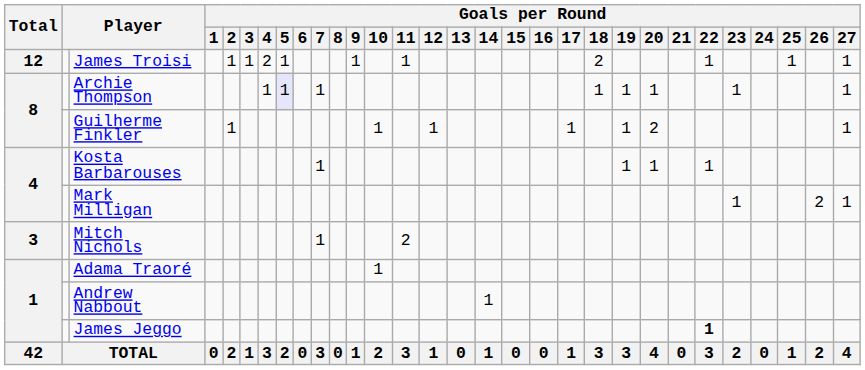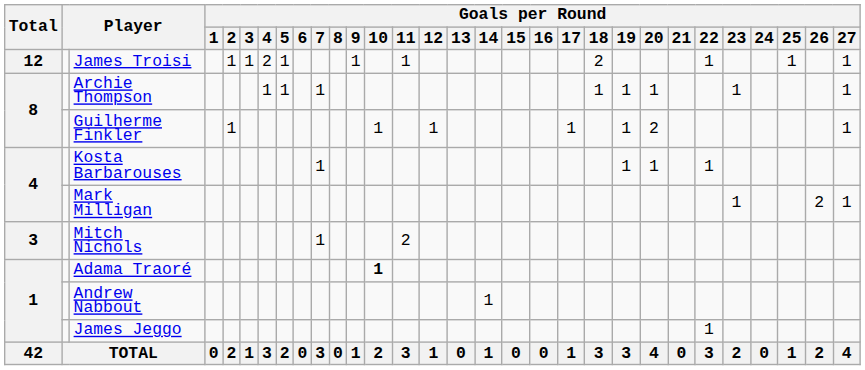 <table class="wikitable" style="text-align:center; line-height: 90%; font-size:90%;">
 <tr>
 <th rowspan="2">Total</th>
 <th rowspan="2" colspan="2">Player</th>
 <th colspan="27">Goals per Round</th>
 </tr>
 <tr>
 <th>1</th>
 <th>2</th>
 <th>3</th>
 <th>4</th>
 <th>5</th>
 <th>6</th>
 <th>7</th>
 <th>8</th>
 <th>9</th>
 <th>10</th>
 <th>11</th>
 <th>12</th>
 <th>13</th>
 <th>14</th>
 <th>15</th>
 <th>16</th>
 <th>17</th>
 <th>18</th>
 <th>19</th>
 <th>20</th>
 <th>21</th>
 <th>22</th>
 <th>23</th>
 <th>24</th>
 <th>25</th>
 <th>26</th>
 <th>27</th>
 </tr>
 <tr>
 <th rowspan="1">12</th>
 <td></td>
 <td style="text-align:left;"><a href='#'>James Troisi</a></td>
 <td></td>
 <td>1</td>
 <td>1</td>
 <td>2</td>
 <td>1</td>
 <td></td>
 <td></td>
 <td></td>
 <td>1</td>
 <td></td>
 <td>1</td>
 <td></td>
 <td></td>
 <td></td>
 <td></td>
 <td></td>
 <td></td>
 <td>2</td>
 <td></td>
 <td></td>
 <td></td>
 <td>1</td>
 <td></td>
 <td></td>
 <td>1</td>
 <td></td>
 <td>1</td>
 </tr>
 <tr>
 <th rowspan="2">8</th>
 <td></td>
 <td style="text-align:left;"><a href='#'>Archie Thompson</a></td>
 <td></td>
 <td></td>
 <td></td>
 <td>1</td>
-<td style="background: lavender;">1</td>
+<td>1</td>
 <td></td>
 <td>1</td>
 <td></td>
 <td></td>
 <td></td>
 <td></td>
 <td></td>
 <td></td>
 <td></td>
 <td></td>
 <td></td>
 <td></td>
 <td>1</td>
 <td>1</td>
 <td>1</td>
 <td></td>
 <td></td>
 <td>1</td>
 <td></td>
 <td></td>
 <td></td>
 <td>1</td>
 </tr>
 <tr>
 <td></td>
 <td style="text-align:left;"><a href='#'>Guilherme Finkler</a></td>
 <td></td>
 <td>1</td>
 <td></td>
 <td></td>
 <td></td>
 <td></td>
 <td></td>
 <td></td>
 <td></td>
 <td>1</td>
 <td></td>
 <td>1</td>
 <td></td>
 <td></td>
 <td></td>
 <td></td>
 <td>1</td>
 <td></td>
 <td>1</td>
 <td>2</td>
 <td></td>
 <td></td>
 <td></td>
 <td></td>
 <td></td>
 <td></td>
 <td>1</td>
 </tr>
 <tr>
 <th rowspan="2">4</th>
 <td></td>
 <td style="text-align:left;"><a href='#'>Kosta Barbarouses</a></td>
 <td></td>
 <td></td>
 <td></td>
 <td></td>
 <td></td>
 <td></td>
 <td>1</td>
 <td></td>
 <td></td>
 <td></td>
 <td></td>
 <td></td>
 <td></td>
 <td></td>
 <td></td>
 <td></td>
 <td></td>
 <td></td>
 <td>1</td>
 <td>1</td>
 <td></td>
 <td>1</td>
 <td></td>
 <td></td>
 <td></td>
 <td></td>
 <td></td>
 </tr>
 <tr>
 <td></td>
 <td style="text-align:left;"><a href='#'>Mark Milligan</a></td>
 <td></td>
 <td></td>
 <td></td>
 <td></td>
 <td></td>
 <td></td>
 <td></td>
 <td></td>
 <td></td>
 <td></td>
 <td></td>
 <td></td>
 <td></td>
 <td></td>
 <td></td>
 <td></td>
 <td></td>
 <td></td>
 <td></td>
 <td></td>
 <td></td>
 <td></td>
 <td>1</td>
 <td></td>
 <td></td>
 <td>2</td>
 <td>1</td>
 </tr>
 <tr>
 <th rowspan="1">3</th>
 <td></td>
 <td style="text-align:left;"><a href='#'>Mitch Nichols</a></td>
 <td></td>
 <td></td>
 <td></td>
 <td></td>
 <td></td>
 <td></td>
 <td>1</td>
 <td></td>
 <td></td>
 <td></td>
 <td>2</td>
 <td></td>
 <td></td>
 <td></td>
 <td></td>
 <td></td>
 <td></td>
 <td></td>
 <td></td>
 <td></td>
 <td></td>
 <td></td>
 <td></td>
 <td></td>
 <td></td>
 <td></td>
 <td></td>
 </tr>
 <tr>
 <th rowspan="3">1</th>
 <td></td>
 <td style="text-align:left;"><a href='#'>Adama Traoré</a></td>
 <td></td>
 <td></td>
 <td></td>
 <td></td>
 <td></td>
 <td></td>
 <td></td>
 <td></td>
 <td></td>
-<td>1</td>
+<td><strong>1</strong></td>
 <td></td>
 <td></td>
 <td></td>
 <td></td>
 <td></td>
 <td></td>
 <td></td>
 <td></td>
 <td></td>
 <td></td>
 <td></td>
 <td></td>
 <td></td>
 <td></td>
 <td></td>
 <td></td>
 <td></td>
 </tr>
 <tr>
 <td></td>
 <td style="text-align:left;"><a href='#'>Andrew Nabbout</a></td>
 <td></td>
 <td></td>
 <td></td>
 <td></td>
 <td></td>
 <td></td>
 <td></td>
 <td></td>
 <td></td>
 <td></td>
 <td></td>
 <td></td>
 <td></td>
 <td>1</td>
 <td></td>
 <td></td>
 <td></td>
 <td></td>
 <td></td>
 <td></td>
 <td></td>
 <td></td>
 <td></td>
 <td></td>
 <td></td>
 <td></td>
 <td></td>
 </tr>
 <tr>
 <td></td>
 <td style="text-align:left;"><a href='#'>James Jeggo</a></td>
 <td></td>
 <td></td>
 <td></td>
 <td></td>
 <td></td>
 <td></td>
 <td></td>
 <td></td>
 <td></td>
 <td></td>
 <td></td>
 <td></td>
 <td></td>
 <td></td>
 <td></td>
 <td></td>
 <td></td>
 <td></td>
 <td></td>
 <td></td>
 <td></td>
-<td><strong>1</strong></td>
+<td>1</td>
 <td></td>
 <td></td>
 <td></td>
 <td></td>
 <td></td>
 </tr>
 <tr>
 <th rowspan="1">42</th>
 <th colspan="2">TOTAL</th>
 <th style="text-align:center;">0</th>
 <th>2</th>
 <th>1</th>
 <th>3</th>
 <th>2</th>
 <th>0</th>
 <th>3</th>
 <th>0</th>
 <th>1</th>
 <th>2</th>
 <th>3</th>
 <th>1</th>
 <th>0</th>
 <th>1</th>
 <th>0</th>
 <th>0</th>
 <th>1</th>
 <th>3</th>
 <th>3</th>
 <th>4</th>
 <th>0</th>
 <th>3</th>
 <th>2</th>
 <th>0</th>
 <th>1</th>
 <th>2</th>
 <th>4</th>
 </tr>
 </table>
